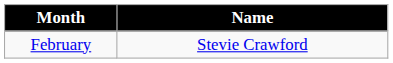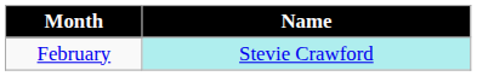 <table class="wikitable" style="text-align:center">
 <tr>
 <th style="background:#000000; color:#FFFFFF;">Month</th>
 <th style="background:#000000; color:#FFFFFF;">Name</th>
 </tr>
 <tr>
 <td style="width:100px;"><a href='#'>February</a></td>
-<td style="width:250px;"> <a href='#'>Stevie Crawford</a></td>
+<td style="background: paleturquoise; width:250px;"> <a href='#'>Stevie Crawford</a></td>
 </tr>
 </table>
